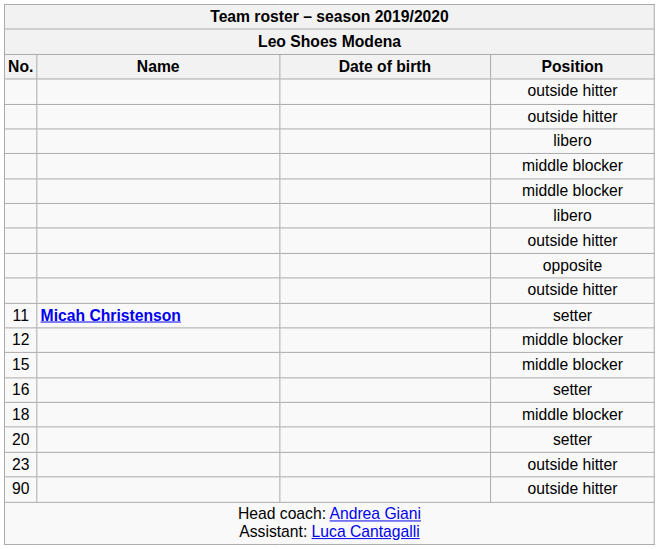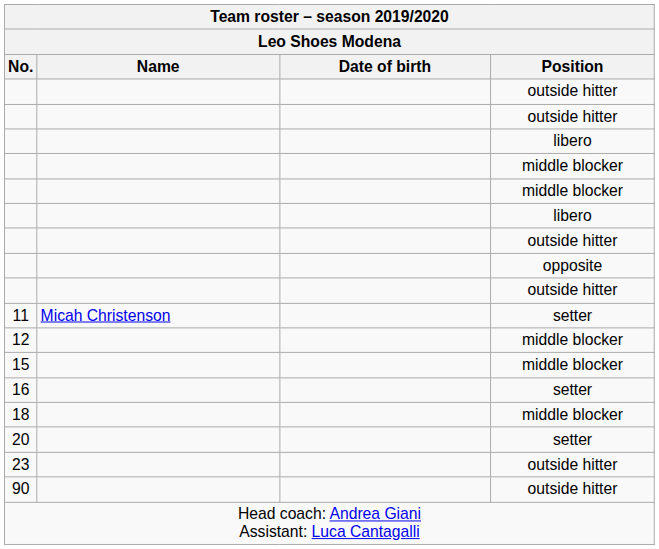 <table class="wikitable collapsible collapsed sortable" style="font-size:100%; text-align:center;">
 <tr>
 <th colspan=6>Team roster – season 2019/2020</th>
 </tr>
 <tr>
 <th colspan=6>Leo Shoes Modena</th>
 </tr>
 <tr>
 <th>No.</th>
 <th style="width:15em">Name</th>
 <th style="width:13em">Date of birth</th>
 <th style="width:10em">Position</th>
 </tr>
 <tr>
 <td></td>
 <td align=left> </td>
 <td align=right></td>
 <td>outside hitter</td>
 </tr>
 <tr>
 <td></td>
 <td align=left> </td>
 <td align=right></td>
 <td>outside hitter</td>
 </tr>
 <tr>
 <td></td>
 <td align=left> </td>
 <td align=right></td>
 <td>libero</td>
 </tr>
 <tr>
 <td></td>
 <td align=left> </td>
 <td align=right></td>
 <td>middle blocker</td>
 </tr>
 <tr>
 <td></td>
 <td align=left> </td>
 <td align=right></td>
 <td>middle blocker</td>
 </tr>
 <tr>
 <td></td>
 <td align=left> </td>
 <td align=right></td>
 <td>libero</td>
 </tr>
 <tr>
 <td></td>
 <td align=left> </td>
 <td align=right></td>
 <td>outside hitter</td>
 </tr>
 <tr>
 <td></td>
 <td align=left> </td>
 <td align=right></td>
 <td>opposite</td>
 </tr>
 <tr>
 <td></td>
 <td align=left> </td>
 <td align=right></td>
 <td>outside hitter</td>
 </tr>
 <tr>
 <td>11</td>
-<td align=left><strong> <a href='#'>Micah Christenson</a></strong></td>
+<td align=left> <a href='#'>Micah Christenson</a></td>
 <td align=right></td>
 <td>setter</td>
 </tr>
 <tr>
 <td>12</td>
 <td align=left> </td>
 <td align=right></td>
 <td>middle blocker</td>
 </tr>
 <tr>
 <td>15</td>
 <td align=left> </td>
 <td align=right></td>
 <td>middle blocker</td>
 </tr>
 <tr>
 <td>16</td>
 <td align=left> </td>
 <td align=right></td>
 <td>setter</td>
 </tr>
 <tr>
 <td>18</td>
 <td align=left> </td>
 <td align=right></td>
 <td>middle blocker</td>
 </tr>
 <tr>
 <td>20</td>
 <td align=left> </td>
 <td align=right></td>
 <td>setter</td>
 </tr>
 <tr>
 <td>23</td>
 <td align=left> </td>
 <td align=right></td>
 <td>outside hitter</td>
 </tr>
 <tr>
 <td>90</td>
 <td align=left> </td>
 <td align=right></td>
 <td>outside hitter</td>
 </tr>
 <tr>
 <td colspan=4>Head coach: <a href='#'>Andrea Giani</a><br>Assistant: <a href='#'>Luca Cantagalli</a></td>
 </tr>
 </table>
